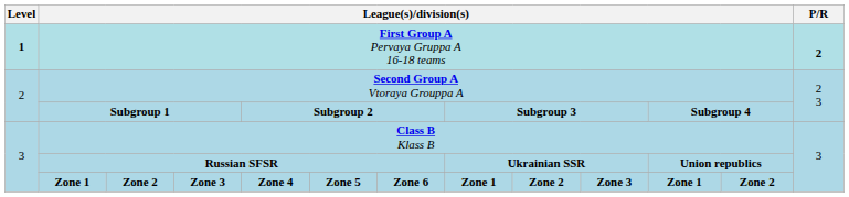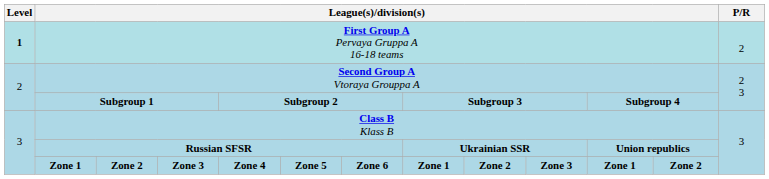 <table class="wikitable" style="text-align:center">
 <tr>
 <th style="width:4%">Level</th>
 <th colspan="11" style="width:90%">League(s)/division(s)</th>
 <th style="width:6%">P/R</th>
 </tr>
 <tr bgcolor=powderblue>
 <td><strong>1</strong></td>
 <td colspan="11"><strong><a href='#'>First Group A</a></strong><br><em>Pervaya Gruppa A</em><br><em>16-18 teams</em></td>
-<td><strong><br> 2</strong></td>
+<td><br> 2</td>
 </tr>
 <tr bgcolor=lightblue>
 <td rowspan="2">2</td>
 <td colspan="11"><strong><a href='#'>Second Group A</a></strong><br><em>Vtoraya Grouppa A</em><br></td>
 <td rowspan="2"> 2<br> 3</td>
 </tr>
 <tr bgcolor=lightblue>
 <td colspan="3"><strong>Subgroup 1</strong><br></td>
 <td colspan="3"><strong>Subgroup 2</strong><br></td>
 <td colspan="3"><strong>Subgroup 3</strong><br></td>
 <td colspan="2"><strong>Subgroup 4</strong><br></td>
 </tr>
 <tr bgcolor=lightblue>
 <td rowspan="3">3</td>
 <td colspan="11"><strong><a href='#'>Class B</a></strong> <br><em>Klass B</em></td>
 <td rowspan="3"> 3</td>
 </tr>
 <tr bgcolor=lightblue>
 <td colspan="6"><strong>Russian SFSR</strong></td>
 <td colspan="3"><strong>Ukrainian SSR</strong></td>
 <td colspan="2"><strong>Union republics</strong></td>
 </tr>
 <tr bgcolor=lightblue>
 <td><strong>Zone 1</strong><br></td>
 <td><strong>Zone 2</strong><br></td>
 <td><strong>Zone 3</strong><br></td>
 <td><strong>Zone 4</strong><br></td>
 <td><strong>Zone 5</strong><br></td>
 <td><strong>Zone 6</strong><br></td>
 <td><strong>Zone 1</strong><br></td>
 <td><strong>Zone 2</strong><br></td>
 <td><strong>Zone 3</strong><br></td>
 <td><strong>Zone 1</strong><br></td>
 <td><strong>Zone 2</strong><br></td>
 </tr>
 </table>
